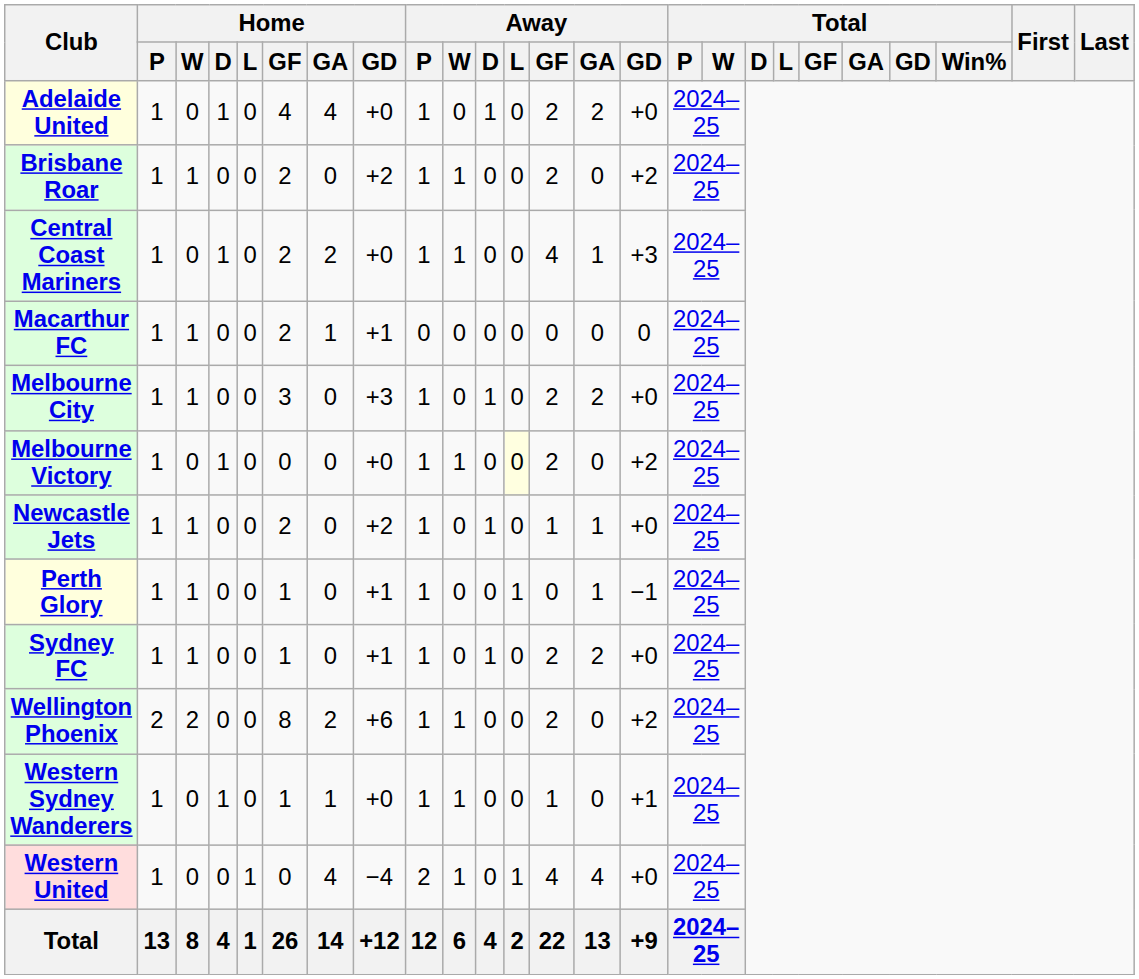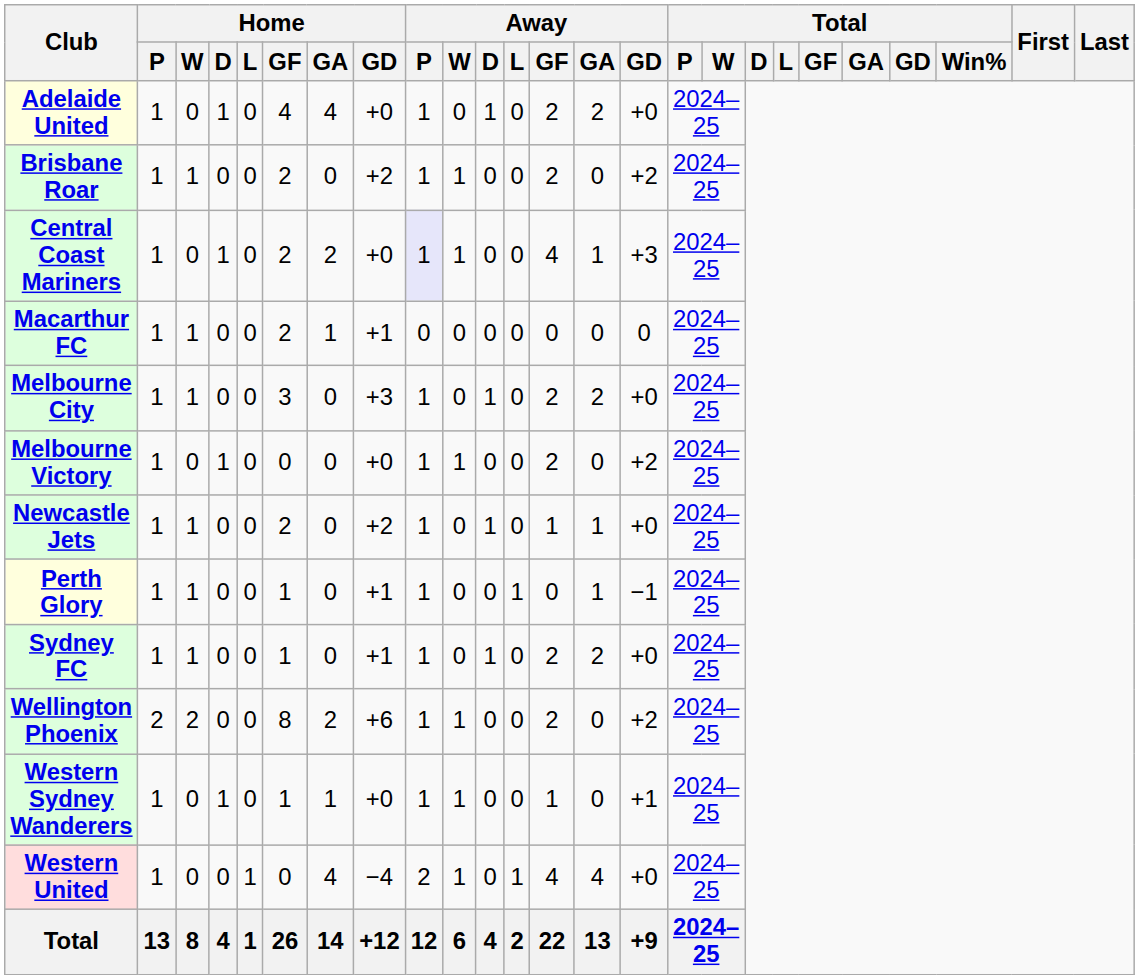 <table class="wikitable plainrowheaders sortable sticky-header-multi sort-under" style="text-align:center;">
 <tr>
 <th rowspan=2 scope=col>Club</th>
 <th colspan=7>Home</th>
 <th colspan=7>Away</th>
 <th colspan=8>Total</th>
 <th rowspan=2 scope=col>First</th>
 <th rowspan=2 scope=col>Last</th>
 </tr>
 <tr>
 <th scope=col>P</th>
 <th scope=col>W</th>
 <th scope=col>D</th>
 <th scope=col>L</th>
 <th scope=col>GF</th>
 <th scope=col>GA</th>
 <th scope=col>GD</th>
 <th scope=col>P</th>
 <th scope=col>W</th>
 <th scope=col>D</th>
 <th scope=col>L</th>
 <th scope=col>GF</th>
 <th scope=col>GA</th>
 <th scope=col>GD</th>
 <th scope=col>P</th>
 <th scope=col>W</th>
 <th scope=col>D</th>
 <th scope=col>L</th>
 <th scope=col>GF</th>
 <th scope=col>GA</th>
 <th scope=col>GD</th>
 <th scope=col>Win%</th>
 </tr>
 <tr>
 <th scope=row style="background:#FFD;"><strong><a href='#'>Adelaide United</a></strong></th>
 <td>1</td>
 <td>0</td>
 <td>1</td>
 <td>0</td>
 <td>4</td>
 <td>4</td>
 <td>+0 </td>
 <td>1</td>
 <td>0</td>
 <td>1</td>
 <td>0</td>
 <td>2</td>
 <td>2</td>
 <td>+0 <br> </td>
 <td colspan="2"><a href='#'>2024–25</a></td>
 </tr>
 <tr>
 <th scope=row style="background:#DFD;"><strong><a href='#'>Brisbane Roar</a></strong></th>
 <td>1</td>
 <td>1</td>
 <td>0</td>
 <td>0</td>
 <td>2</td>
 <td>0</td>
 <td>+2 </td>
 <td>1</td>
 <td>1</td>
 <td>0</td>
 <td>0</td>
 <td>2</td>
 <td>0</td>
 <td>+2 <br> </td>
 <td colspan="2"><a href='#'>2024–25</a></td>
 </tr>
 <tr>
 <th scope=row style="background:#DFD;"><strong><a href='#'>Central Coast Mariners</a></strong></th>
 <td>1</td>
 <td>0</td>
 <td>1</td>
 <td>0</td>
 <td>2</td>
 <td>2</td>
 <td>+0 </td>
-<td>1</td>
+<td style="background: lavender;">1</td>
 <td>1</td>
 <td>0</td>
 <td>0</td>
 <td>4</td>
 <td>1</td>
 <td>+3 <br> </td>
 <td colspan="2"><a href='#'>2024–25</a></td>
 </tr>
 <tr>
 <th scope=row style="background:#DFD;"><strong><a href='#'>Macarthur FC</a></strong></th>
 <td>1</td>
 <td>1</td>
 <td>0</td>
 <td>0</td>
 <td>2</td>
 <td>1</td>
 <td>+1 </td>
 <td>0</td>
 <td>0</td>
 <td>0</td>
 <td>0</td>
 <td>0</td>
 <td>0</td>
 <td>0 <br> </td>
 <td colspan="2"><a href='#'>2024–25</a></td>
 </tr>
 <tr>
 <th scope=row style="background:#DFD;"><strong><a href='#'>Melbourne City</a></strong></th>
 <td>1</td>
 <td>1</td>
 <td>0</td>
 <td>0</td>
 <td>3</td>
 <td>0</td>
 <td>+3 </td>
 <td>1</td>
 <td>0</td>
 <td>1</td>
 <td>0</td>
 <td>2</td>
 <td>2</td>
 <td>+0 <br> </td>
 <td colspan="2"><a href='#'>2024–25</a></td>
 </tr>
 <tr>
 <th scope=row style="background:#DFD;"><strong><a href='#'>Melbourne Victory</a></strong></th>
 <td>1</td>
 <td>0</td>
 <td>1</td>
 <td>0</td>
 <td>0</td>
 <td>0</td>
 <td>+0 </td>
 <td>1</td>
 <td>1</td>
 <td>0</td>
-<td style="background: lightyellow;">0</td>
+<td>0</td>
 <td>2</td>
 <td>0</td>
 <td>+2 <br> </td>
 <td colspan="2"><a href='#'>2024–25</a></td>
 </tr>
 <tr>
 <th scope=row style="background:#DFD;"><strong><a href='#'>Newcastle Jets</a></strong></th>
 <td>1</td>
 <td>1</td>
 <td>0</td>
 <td>0</td>
 <td>2</td>
 <td>0</td>
 <td>+2 </td>
 <td>1</td>
 <td>0</td>
 <td>1</td>
 <td>0</td>
 <td>1</td>
 <td>1</td>
 <td>+0 <br> </td>
 <td colspan="2"><a href='#'>2024–25</a></td>
 </tr>
 <tr>
 <th scope=row style="background:#FFD;"><strong><a href='#'>Perth Glory</a></strong></th>
 <td>1</td>
 <td>1</td>
 <td>0</td>
 <td>0</td>
 <td>1</td>
 <td>0</td>
 <td>+1 </td>
 <td>1</td>
 <td>0</td>
 <td>0</td>
 <td>1</td>
 <td>0</td>
 <td>1</td>
 <td>−1 <br> </td>
 <td colspan="2"><a href='#'>2024–25</a></td>
 </tr>
 <tr>
 <th scope=row style="background:#DFD;"><strong><a href='#'>Sydney FC</a></strong></th>
 <td>1</td>
 <td>1</td>
 <td>0</td>
 <td>0</td>
 <td>1</td>
 <td>0</td>
 <td>+1 </td>
 <td>1</td>
 <td>0</td>
 <td>1</td>
 <td>0</td>
 <td>2</td>
 <td>2</td>
 <td>+0 <br> </td>
 <td colspan="2"><a href='#'>2024–25</a></td>
 </tr>
 <tr>
 <th scope=row style="background:#DFD;"><strong><a href='#'>Wellington Phoenix</a></strong></th>
 <td>2</td>
 <td>2</td>
 <td>0</td>
 <td>0</td>
 <td>8</td>
 <td>2</td>
 <td>+6 </td>
 <td>1</td>
 <td>1</td>
 <td>0</td>
 <td>0</td>
 <td>2</td>
 <td>0</td>
 <td>+2 <br> </td>
 <td colspan="2"><a href='#'>2024–25</a></td>
 </tr>
 <tr>
 <th scope=row style="background:#DFD;"><strong><a href='#'>Western Sydney Wanderers</a></strong></th>
 <td>1</td>
 <td>0</td>
 <td>1</td>
 <td>0</td>
 <td>1</td>
 <td>1</td>
 <td>+0 </td>
 <td>1</td>
 <td>1</td>
 <td>0</td>
 <td>0</td>
 <td>1</td>
 <td>0</td>
 <td>+1 <br> </td>
 <td colspan="2"><a href='#'>2024–25</a></td>
 </tr>
 <tr>
 <th scope=row style="background:#FDD;"><strong><a href='#'>Western United</a></strong></th>
 <td>1</td>
 <td>0</td>
 <td>0</td>
 <td>1</td>
 <td>0</td>
 <td>4</td>
 <td>−4 </td>
 <td>2</td>
 <td>1</td>
 <td>0</td>
 <td>1</td>
 <td>4</td>
 <td>4</td>
 <td>+0 <br> </td>
 <td colspan="2"><a href='#'>2024–25</a></td>
 </tr>
 <tr>
 <th>Total</th>
 <th>13</th>
 <th>8</th>
 <th>4</th>
 <th>1</th>
 <th>26</th>
 <th>14</th>
 <th>+12 </th>
 <th>12</th>
 <th>6</th>
 <th>4</th>
 <th>2</th>
 <th>22</th>
 <th>13</th>
 <th>+9 <br> </th>
 <th colspan="2"><a href='#'>2024–25</a></th>
 </tr>
 </table>
